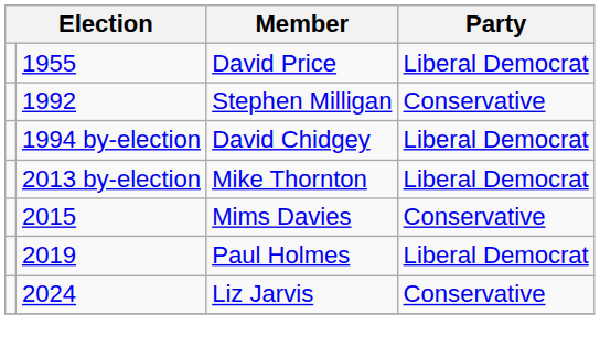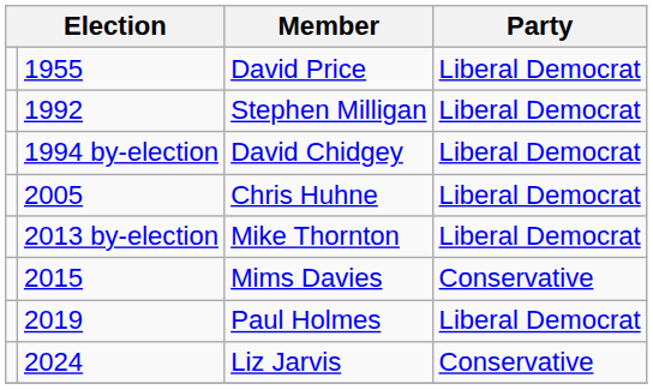 <table class="wikitable">
 <tr>
 <th colspan="2">Election</th>
 <th>Member</th>
 <th>Party</th>
 </tr>
 <tr>
 <td style="color:inherit;background-color: "></td>
 <td><a href='#'>1955</a></td>
 <td><a href='#'>David Price</a></td>
 <td><a href='#'>Liberal Democrat</a></td>
 </tr>
 <tr>
 <td style="color:inherit;background-color: "></td>
 <td><a href='#'>1992</a></td>
 <td><a href='#'>Stephen Milligan</a></td>
-<td><a href='#'>Conservative</a></td>
+<td><a href='#'>Liberal Democrat</a></td>
 </tr>
 <tr>
 <td style="color:inherit;background-color: "></td>
 <td><a href='#'>1994 by-election</a></td>
 <td><a href='#'>David Chidgey</a></td>
+<td><a href='#'>Liberal Democrat</a></td>
+</tr>
+<tr>
+<td style="color:inherit;background-color: "></td>
+<td><a href='#'>2005</a></td>
+<td><a href='#'>Chris Huhne</a></td>
 <td><a href='#'>Liberal Democrat</a></td>
 </tr>
 <tr>
 <td style="color:inherit;background-color: "></td>
 <td><a href='#'>2013 by-election</a></td>
 <td><a href='#'>Mike Thornton</a></td>
 <td><a href='#'>Liberal Democrat</a></td>
 </tr>
 <tr>
 <td style="color:inherit;background-color: "></td>
 <td><a href='#'>2015</a></td>
 <td><a href='#'>Mims Davies</a></td>
 <td><a href='#'>Conservative</a></td>
 </tr>
 <tr>
 <td style="color:inherit;background-color: "></td>
 <td><a href='#'>2019</a></td>
 <td><a href='#'>Paul Holmes</a></td>
 <td><a href='#'>Liberal Democrat</a></td>
 </tr>
 <tr>
 <td style="color:inherit;background-color: "></td>
 <td><a href='#'>2024</a></td>
 <td><a href='#'>Liz Jarvis</a></td>
 <td><a href='#'>Conservative</a></td>
 </tr>
 <tr>
 </tr>
 </table>
